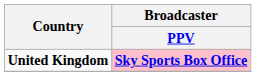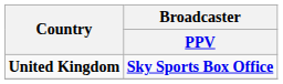 <table class="wikitable">
 <tr>
 <th rowspan="2">Country</th>
 <th colspan="2">Broadcaster</th>
 </tr>
 <tr>
 <th><a href='#'>PPV</a></th>
 </tr>
 <tr>
 <td><strong>United Kingdom</strong></td>
-<td style="background: pink;"><strong><a href='#'>Sky Sports Box Office</a></strong></td>
+<td><strong><a href='#'>Sky Sports Box Office</a></strong></td>
 </tr>
 <tr>
 </tr>
 </table>
